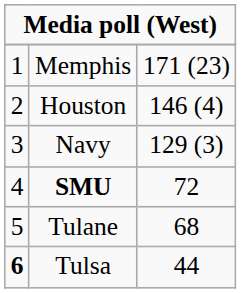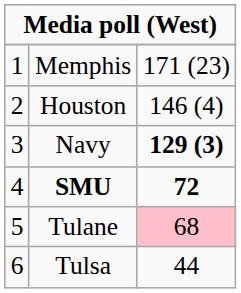 <table class="wikitable">
 <tr align="center">
 <td align="center" Colspan="3"><strong>Media poll (West)</strong></td>
 </tr>
 <tr align="center">
 </tr>
 <tr align="center">
 <td>1</td>
 <td>Memphis</td>
 <td>171 (23)</td>
 </tr>
 <tr align="center">
 <td>2</td>
 <td>Houston</td>
 <td>146 (4)</td>
 </tr>
 <tr align="center">
 <td>3</td>
 <td>Navy</td>
-<td>129 (3)</td>
+<td><strong>129 (3)</strong></td>
 </tr>
 <tr align="center">
 <td>4</td>
 <td><strong>SMU</strong></td>
-<td>72</td>
+<td><strong>72</strong></td>
 </tr>
 <tr align="center">
 <td>5</td>
 <td>Tulane</td>
-<td>68</td>
+<td style="background: pink;">68</td>
 </tr>
 <tr align="center">
-<td><strong>6</strong></td>
+<td>6</td>
 <td>Tulsa</td>
 <td>44</td>
 </tr>
 </table>
